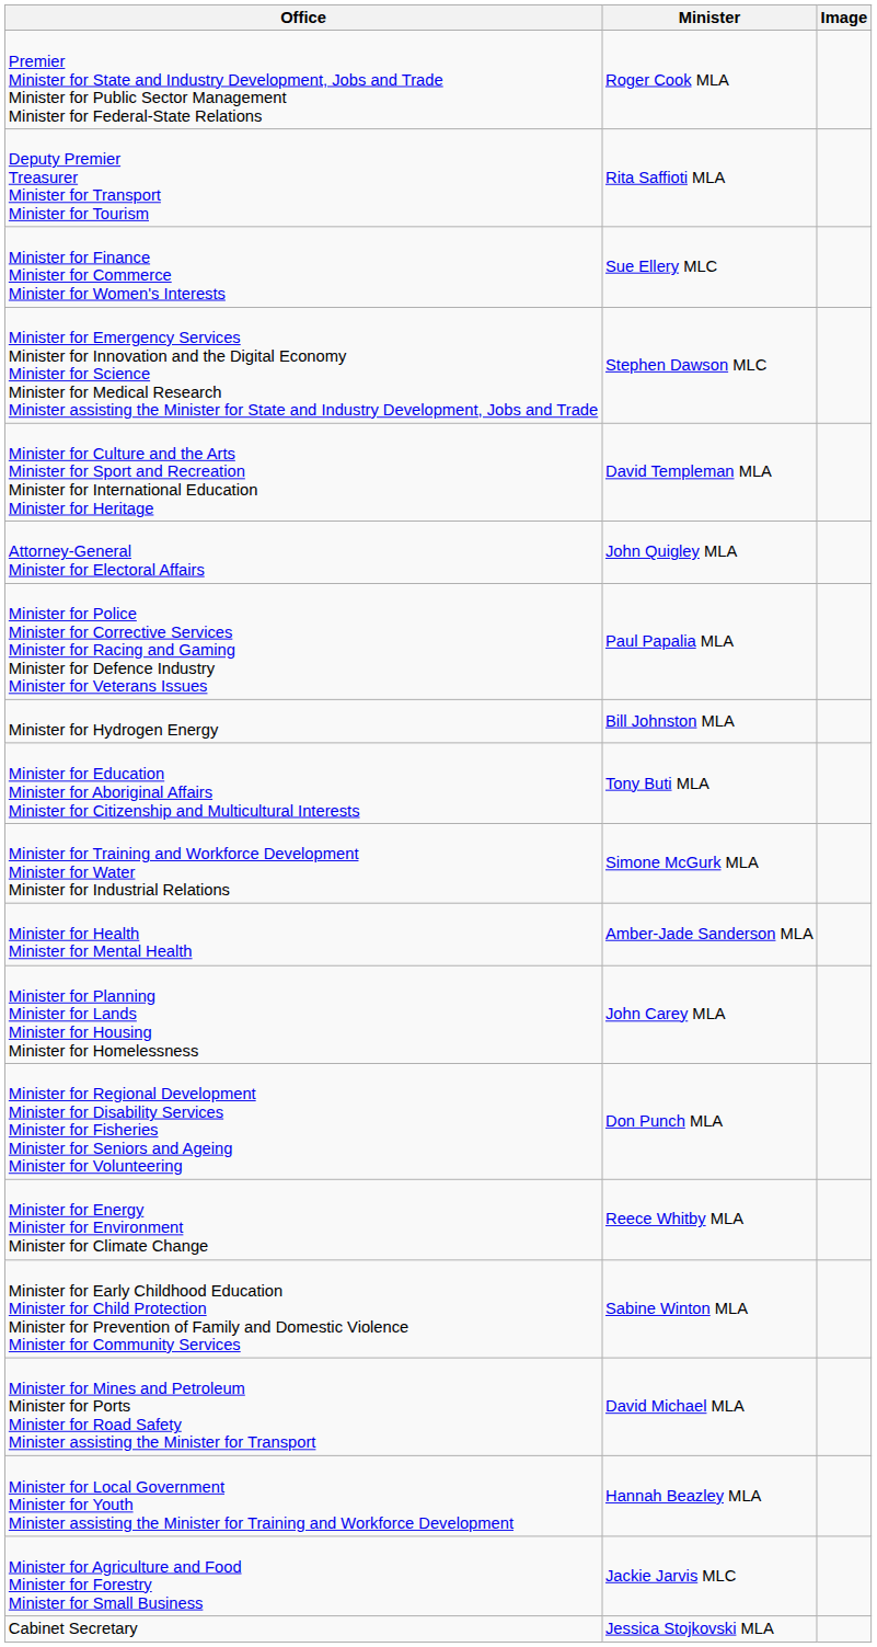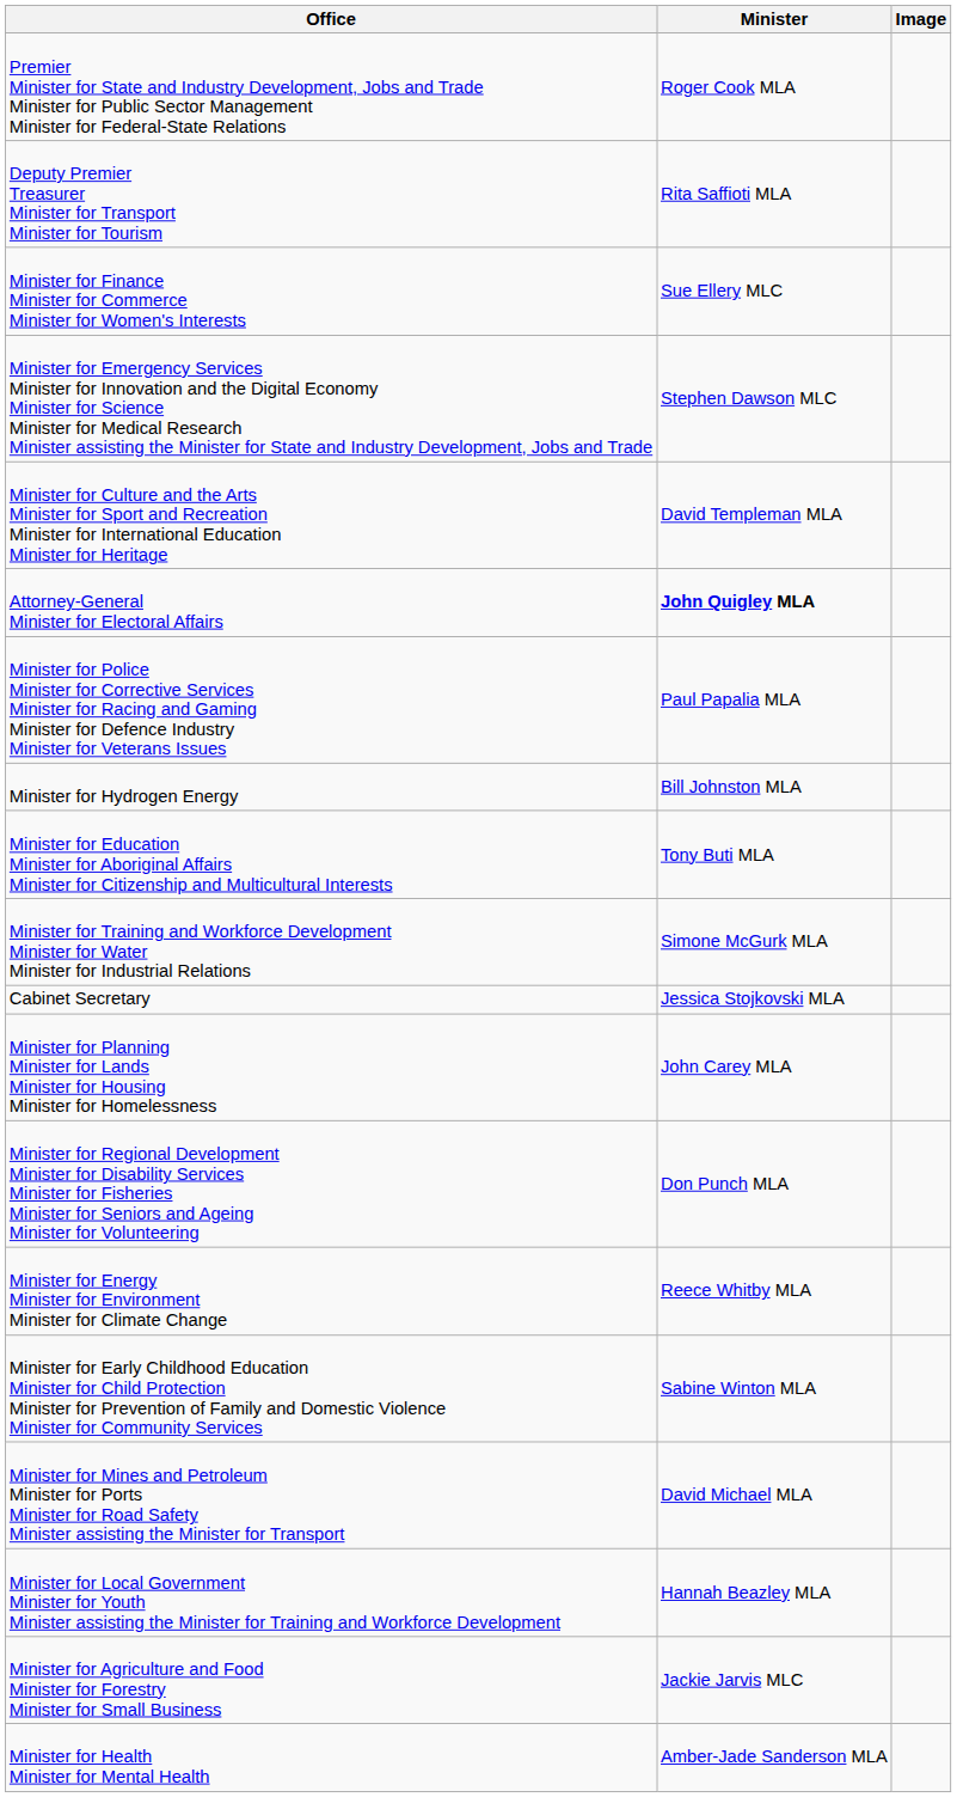 <table class="wikitable sortable">
 <tr>
 <th>Office</th>
 <th>Minister</th>
 <th>Image</th>
 </tr>
 <tr>
 <td><br><a href='#'>Premier</a><br> <a href='#'>Minister for State and Industry Development, Jobs and Trade</a><br> Minister for Public Sector Management<br> Minister for Federal-State Relations</td>
 <td><a href='#'>Roger Cook</a> MLA</td>
 <td></td>
 </tr>
 <tr>
 <td><br><a href='#'>Deputy Premier</a><br> <a href='#'>Treasurer</a><br> <a href='#'>Minister for Transport</a><br> <a href='#'>Minister for Tourism</a></td>
 <td><a href='#'>Rita Saffioti</a> MLA</td>
 <td></td>
 </tr>
 <tr>
 <td><br><a href='#'>Minister for Finance</a><br> <a href='#'>Minister for Commerce</a><br> <a href='#'>Minister for Women's Interests</a></td>
 <td><a href='#'>Sue Ellery</a> MLC</td>
 <td></td>
 </tr>
 <tr>
 <td><br><a href='#'>Minister for Emergency Services</a><br> Minister for Innovation and the Digital Economy<br> <a href='#'>Minister for Science</a><br> Minister for Medical Research<br> <a href='#'>Minister assisting the Minister for State and Industry Development, Jobs and Trade</a></td>
 <td><a href='#'>Stephen Dawson</a> MLC</td>
 <td></td>
 </tr>
 <tr>
 <td><br><a href='#'>Minister for Culture and the Arts</a><br> <a href='#'>Minister for Sport and Recreation</a><br> Minister for International Education<br> <a href='#'>Minister for Heritage</a></td>
 <td><a href='#'>David Templeman</a> MLA</td>
 <td></td>
 </tr>
 <tr>
 <td><br><a href='#'>Attorney-General</a><br> <a href='#'>Minister for Electoral Affairs</a></td>
-<td><a href='#'>John Quigley</a> MLA</td>
+<td><strong><a href='#'>John Quigley</a> MLA</strong></td>
 <td></td>
 </tr>
 <tr>
 <td><br><a href='#'>Minister for Police</a><br> <a href='#'>Minister for Corrective Services</a><br> <a href='#'>Minister for Racing and Gaming</a><br> Minister for Defence Industry<br> <a href='#'>Minister for Veterans Issues</a></td>
 <td><a href='#'>Paul Papalia</a> MLA</td>
 <td></td>
 </tr>
 <tr>
 <td><br>Minister for Hydrogen Energy<br></td>
 <td><a href='#'>Bill Johnston</a> MLA</td>
 <td></td>
 </tr>
 <tr>
 <td><br><a href='#'>Minister for Education</a><br> <a href='#'>Minister for Aboriginal Affairs</a><br> <a href='#'>Minister for Citizenship and Multicultural Interests</a></td>
 <td><a href='#'>Tony Buti</a> MLA</td>
 <td></td>
 </tr>
 <tr>
 <td><br><a href='#'>Minister for Training and Workforce Development</a><br> <a href='#'>Minister for Water</a><br> Minister for Industrial Relations</td>
 <td><a href='#'>Simone McGurk</a> MLA</td>
 <td></td>
 </tr>
 <tr>
-<td><br><a href='#'>Minister for Health</a><br> <a href='#'>Minister for Mental Health</a></td>
-<td><a href='#'>Amber-Jade Sanderson</a> MLA</td>
+<td>Cabinet Secretary</td>
+<td><a href='#'>Jessica Stojkovski</a> MLA</td>
 <td></td>
 </tr>
 <tr>
 <td><br><a href='#'>Minister for Planning</a><br> <a href='#'>Minister for Lands</a><br> <a href='#'>Minister for Housing</a><br> Minister for Homelessness</td>
 <td><a href='#'>John Carey</a> MLA</td>
 <td></td>
 </tr>
 <tr>
 <td><br><a href='#'>Minister for Regional Development</a><br> <a href='#'>Minister for Disability Services</a><br> <a href='#'>Minister for Fisheries</a><br> <a href='#'>Minister for Seniors and Ageing</a><br> <a href='#'>Minister for Volunteering</a></td>
 <td><a href='#'>Don Punch</a> MLA</td>
 <td></td>
 </tr>
 <tr>
 <td><br><a href='#'>Minister for Energy</a><br> <a href='#'>Minister for Environment</a><br> Minister for Climate Change<br></td>
 <td><a href='#'>Reece Whitby</a> MLA</td>
 <td></td>
 </tr>
 <tr>
 <td><br>Minister for Early Childhood Education<br> <a href='#'>Minister for Child Protection</a><br> Minister for Prevention of Family and Domestic Violence<br> <a href='#'>Minister for Community Services</a></td>
 <td><a href='#'>Sabine Winton</a> MLA</td>
 <td></td>
 </tr>
 <tr>
 <td><br><a href='#'>Minister for Mines and Petroleum</a><br> Minister for Ports<br> <a href='#'>Minister for Road Safety</a><br> <a href='#'>Minister assisting the Minister for Transport</a></td>
 <td><a href='#'>David Michael</a> MLA</td>
 <td></td>
 </tr>
 <tr>
 <td><br><a href='#'>Minister for Local Government</a><br> <a href='#'>Minister for Youth</a><br> <a href='#'>Minister assisting the Minister for Training and Workforce Development</a></td>
 <td><a href='#'>Hannah Beazley</a> MLA</td>
 <td></td>
 </tr>
 <tr>
 <td><br><a href='#'>Minister for Agriculture and Food</a><br> <a href='#'>Minister for Forestry</a><br> <a href='#'>Minister for Small Business</a></td>
 <td><a href='#'>Jackie Jarvis</a> MLC</td>
 <td></td>
 </tr>
 <tr>
-<td>Cabinet Secretary</td>
-<td><a href='#'>Jessica Stojkovski</a> MLA</td>
+<td><br><a href='#'>Minister for Health</a><br> <a href='#'>Minister for Mental Health</a></td>
+<td><a href='#'>Amber-Jade Sanderson</a> MLA</td>
 <td></td>
 </tr>
 </table>
